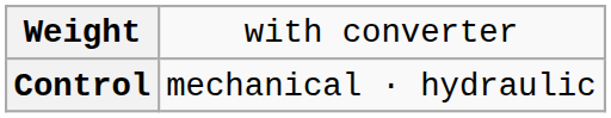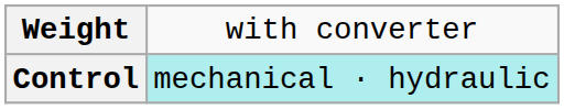 <table class=wikitable style="text-align:center">
 <tr>
 <th>Weight</th>
 <td> with converter</td>
 </tr>
 <tr>
 <th>Control</th>
-<td>mechanical · hydraulic</td>
+<td style="background: paleturquoise;">mechanical · hydraulic</td>
 </tr>
 </table>
